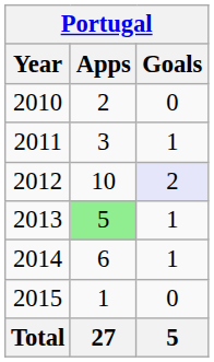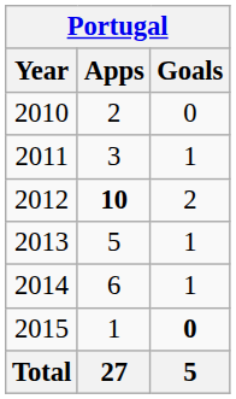 <table class="wikitable" style="text-align:center">
 <tr>
 <th colspan=3><a href='#'>Portugal</a></th>
 </tr>
 <tr>
 <th>Year</th>
 <th>Apps</th>
 <th>Goals</th>
 </tr>
 <tr>
 <td>2010</td>
 <td>2</td>
 <td>0</td>
 </tr>
 <tr>
 <td>2011</td>
 <td>3</td>
 <td>1</td>
 </tr>
 <tr>
 <td>2012</td>
-<td>10</td>
-<td style="background: lavender;">2</td>
+<td><strong>10</strong></td>
+<td>2</td>
 </tr>
 <tr>
 <td>2013</td>
-<td style="background: lightgreen;">5</td>
+<td>5</td>
 <td>1</td>
 </tr>
 <tr>
 <td>2014</td>
 <td>6</td>
 <td>1</td>
 </tr>
 <tr>
 <td>2015</td>
 <td>1</td>
-<td>0</td>
+<td><strong>0</strong></td>
 </tr>
 <tr>
 <th>Total</th>
 <th>27</th>
 <th>5</th>
 </tr>
 </table>
